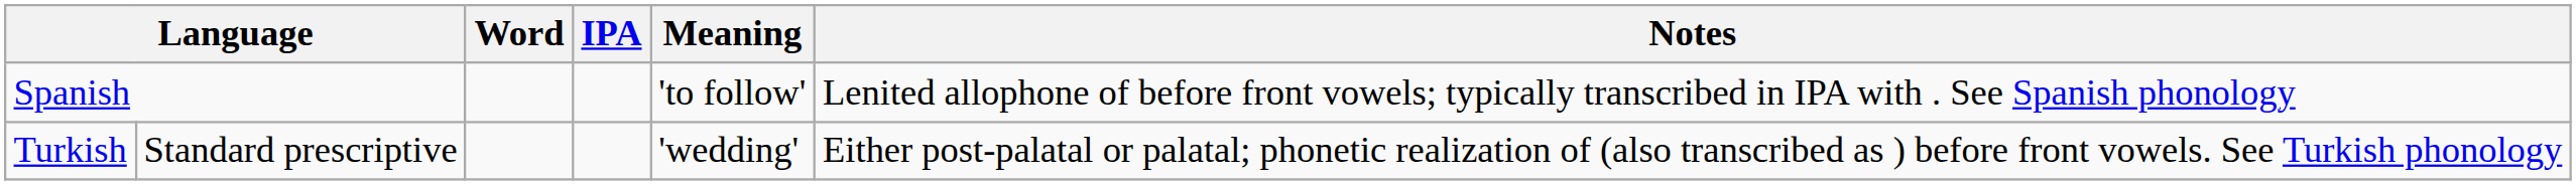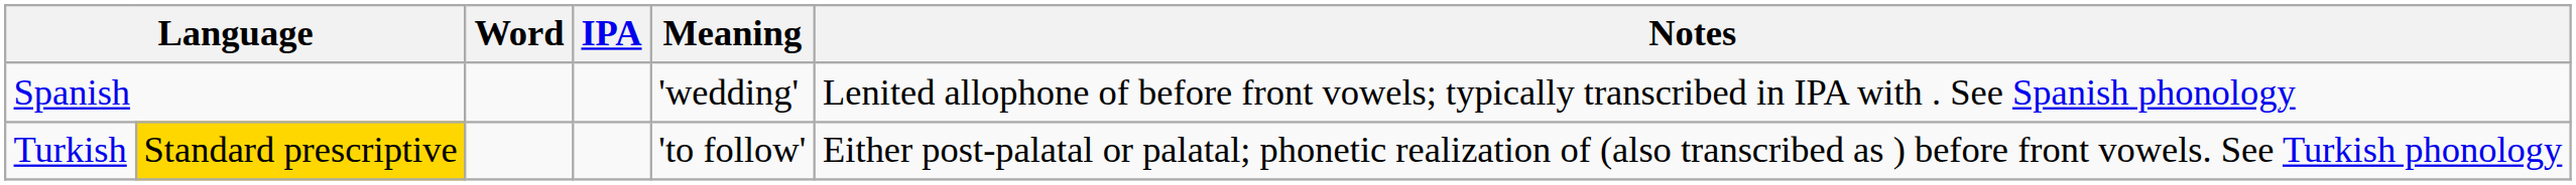 <table class="wikitable">
 <tr>
 <th colspan="2">Language</th>
 <th>Word</th>
 <th><a href='#'>IPA</a></th>
 <th>Meaning</th>
 <th>Notes</th>
 </tr>
 <tr>
 <td colspan="2"><a href='#'>Spanish</a></td>
 <td></td>
 <td></td>
-<td>'to follow'</td>
+<td>'wedding'</td>
 <td>Lenited allophone of  before front vowels; typically transcribed in IPA with . See <a href='#'>Spanish phonology</a></td>
 </tr>
 <tr>
 <td><a href='#'>Turkish</a></td>
-<td>Standard prescriptive</td>
+<td style="background: gold;">Standard prescriptive</td>
 <td></td>
 <td></td>
-<td>'wedding'</td>
+<td>'to follow'</td>
 <td>Either post-palatal or palatal; phonetic realization of  (also transcribed as ) before front vowels. See <a href='#'>Turkish phonology</a></td>
 </tr>
 </table>
